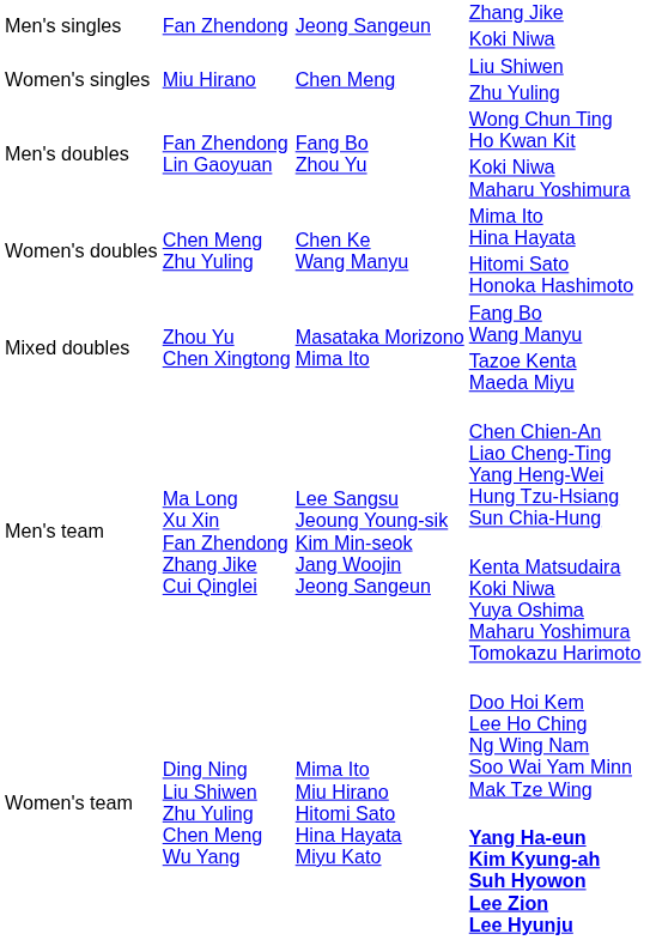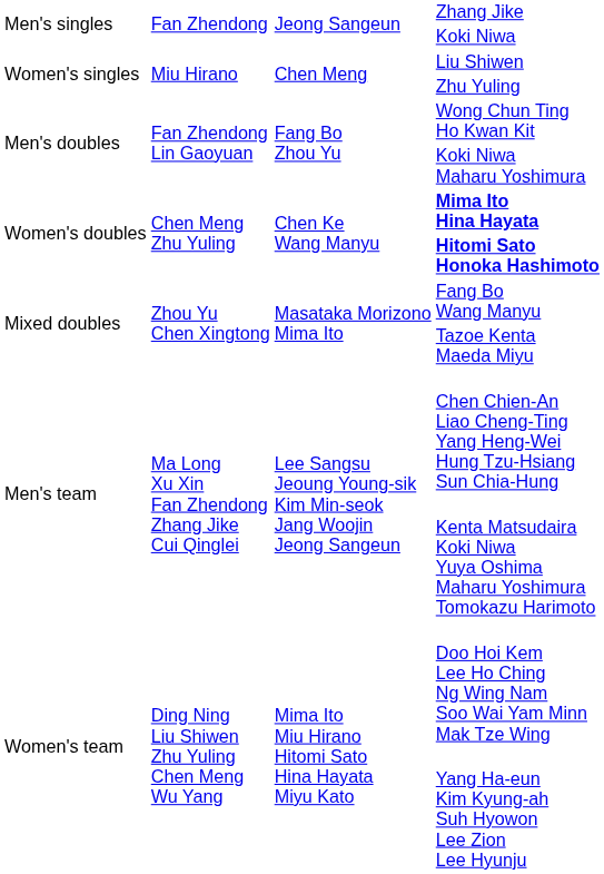 <table>
 <tr>
 <td rowspan=2>Men's singles <br></td>
 <td rowspan=2> <a href='#'>Fan Zhendong</a></td>
 <td rowspan=2> <a href='#'>Jeong Sangeun</a></td>
 <td> <a href='#'>Zhang Jike</a></td>
 </tr>
 <tr>
 <td> <a href='#'>Koki Niwa</a></td>
 </tr>
 <tr>
 <td rowspan=2>Women's singles <br></td>
 <td rowspan=2> <a href='#'>Miu Hirano</a></td>
 <td rowspan=2> <a href='#'>Chen Meng</a></td>
 <td> <a href='#'>Liu Shiwen</a></td>
 </tr>
 <tr>
 <td> <a href='#'>Zhu Yuling</a></td>
 </tr>
 <tr>
 <td rowspan=2>Men's doubles <br></td>
 <td rowspan=2> <a href='#'>Fan Zhendong</a><br> <a href='#'>Lin Gaoyuan</a></td>
 <td rowspan=2> <a href='#'>Fang Bo</a><br> <a href='#'>Zhou Yu</a></td>
 <td> <a href='#'>Wong Chun Ting</a><br> <a href='#'>Ho Kwan Kit</a></td>
 </tr>
 <tr>
 <td> <a href='#'>Koki Niwa</a><br> <a href='#'>Maharu Yoshimura</a></td>
 </tr>
 <tr>
 <td rowspan=2>Women's doubles <br></td>
 <td rowspan=2> <a href='#'>Chen Meng</a><br> <a href='#'>Zhu Yuling</a></td>
 <td rowspan=2> <a href='#'>Chen Ke</a><br> <a href='#'>Wang Manyu</a></td>
-<td> <a href='#'>Mima Ito</a><br>  <a href='#'>Hina Hayata</a></td>
+<td><strong> <a href='#'>Mima Ito</a><br>  <a href='#'>Hina Hayata</a></strong></td>
 </tr>
 <tr>
-<td> <a href='#'>Hitomi Sato</a><br> <a href='#'>Honoka Hashimoto</a></td>
+<td><strong> <a href='#'>Hitomi Sato</a><br> <a href='#'>Honoka Hashimoto</a></strong></td>
 </tr>
 <tr>
 <td rowspan=2>Mixed doubles <br></td>
 <td rowspan=2> <a href='#'>Zhou Yu</a><br> <a href='#'>Chen Xingtong</a></td>
 <td rowspan=2> <a href='#'>Masataka Morizono</a><br> <a href='#'>Mima Ito</a></td>
 <td> <a href='#'>Fang Bo</a><br> <a href='#'>Wang Manyu</a></td>
 </tr>
 <tr>
 <td> <a href='#'>Tazoe Kenta</a><br> <a href='#'>Maeda Miyu</a></td>
 </tr>
 <tr>
 <td rowspan=2>Men's team <br></td>
 <td rowspan=2><br><a href='#'>Ma Long</a><br><a href='#'>Xu Xin</a><br><a href='#'>Fan Zhendong</a><br><a href='#'>Zhang Jike</a><br><a href='#'>Cui Qinglei</a></td>
 <td rowspan=2><br><a href='#'>Lee Sangsu</a><br><a href='#'>Jeoung Young-sik</a><br><a href='#'>Kim Min-seok</a><br><a href='#'>Jang Woojin</a><br><a href='#'>Jeong Sangeun</a></td>
 <td><br><a href='#'>Chen Chien-An</a><br><a href='#'>Liao Cheng-Ting</a><br><a href='#'>Yang Heng-Wei</a><br><a href='#'>Hung Tzu-Hsiang</a><br><a href='#'>Sun Chia-Hung</a></td>
 </tr>
 <tr>
 <td><br><a href='#'>Kenta Matsudaira</a><br><a href='#'>Koki Niwa</a><br><a href='#'>Yuya Oshima</a><br><a href='#'>Maharu Yoshimura</a><br><a href='#'>Tomokazu Harimoto</a></td>
 </tr>
 <tr>
 <td rowspan=2>Women's team <br></td>
 <td rowspan=2><br><a href='#'>Ding Ning</a><br><a href='#'>Liu Shiwen</a><br><a href='#'>Zhu Yuling</a><br><a href='#'>Chen Meng</a><br><a href='#'>Wu Yang</a></td>
 <td rowspan=2><br><a href='#'>Mima Ito</a><br><a href='#'>Miu Hirano</a><br><a href='#'>Hitomi Sato</a><br><a href='#'>Hina Hayata</a><br><a href='#'>Miyu Kato</a></td>
 <td><br><a href='#'>Doo Hoi Kem</a><br><a href='#'>Lee Ho Ching</a><br><a href='#'>Ng Wing Nam</a><br><a href='#'>Soo Wai Yam Minn</a><br><a href='#'>Mak Tze Wing</a></td>
 </tr>
 <tr>
-<td><strong><br><a href='#'>Yang Ha-eun</a><br><a href='#'>Kim Kyung-ah</a><br><a href='#'>Suh Hyowon</a><br><a href='#'>Lee Zion</a><br><a href='#'>Lee Hyunju</a></strong></td>
+<td><br><a href='#'>Yang Ha-eun</a><br><a href='#'>Kim Kyung-ah</a><br><a href='#'>Suh Hyowon</a><br><a href='#'>Lee Zion</a><br><a href='#'>Lee Hyunju</a></td>
 </tr>
 </table>
